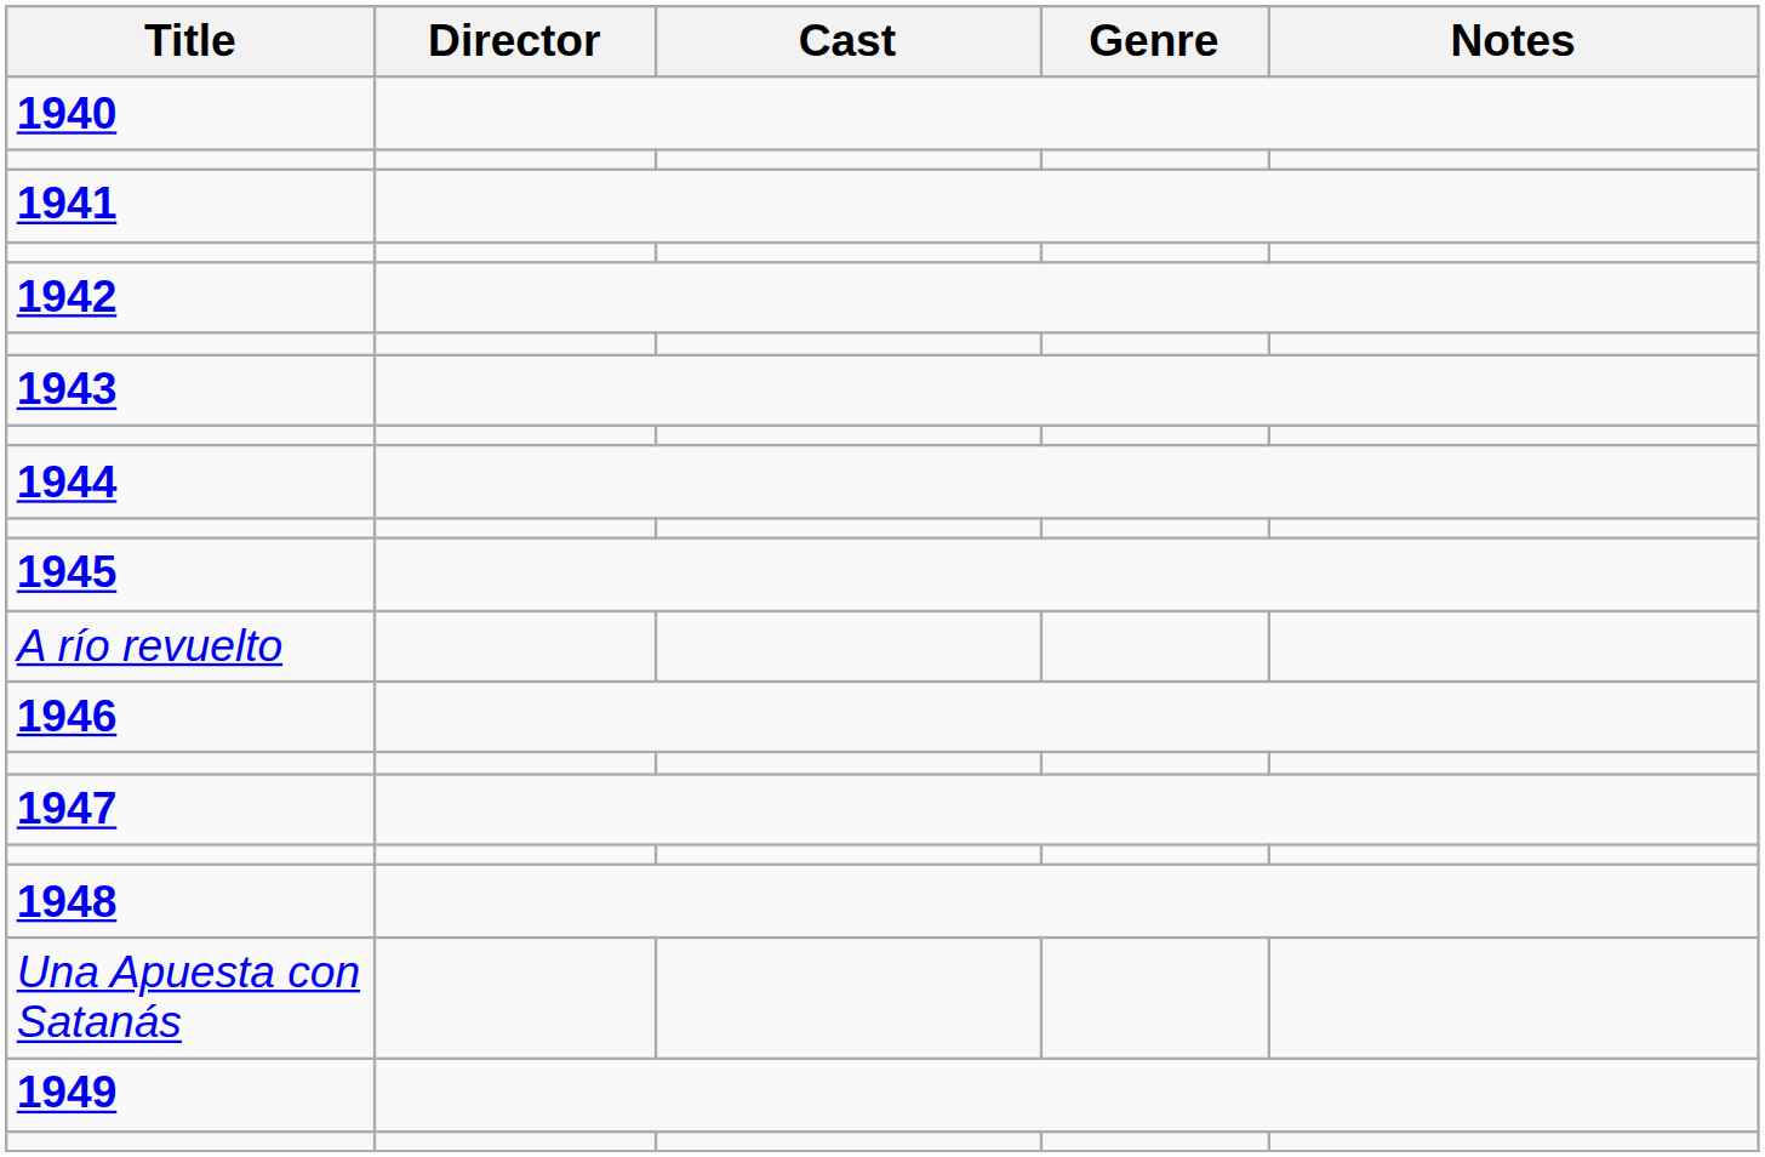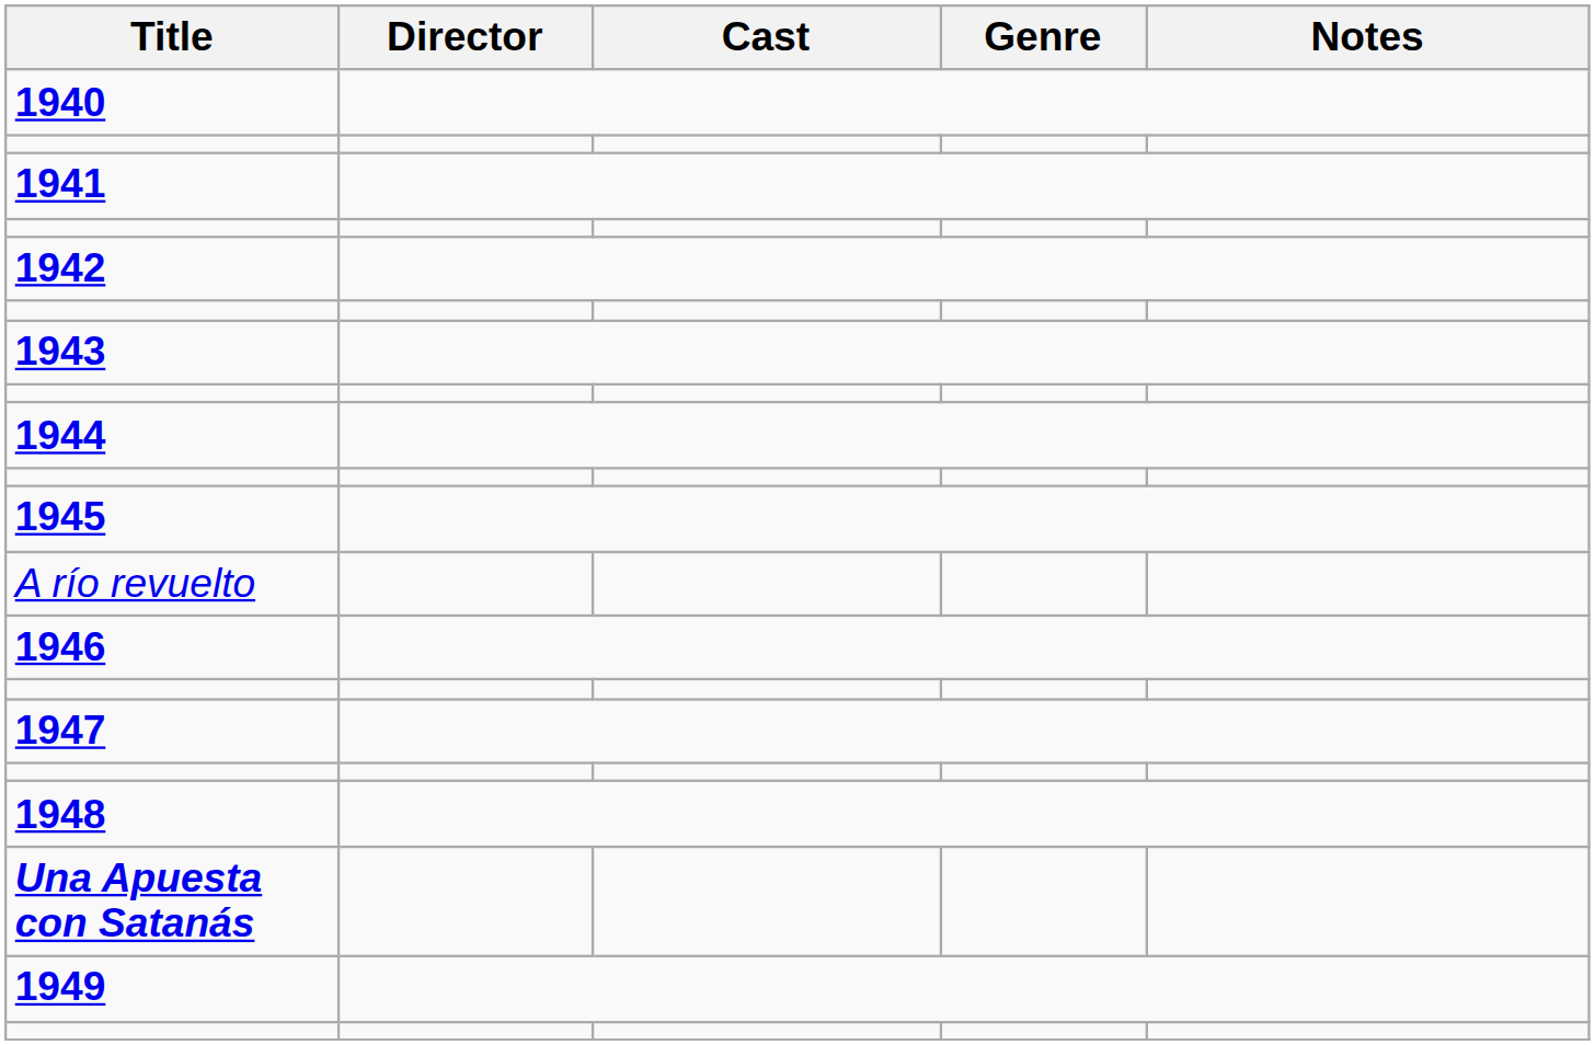 <table class="wikitable" width= "100%">
 <tr>
 <th width=21%>Title</th>
 <th width=16%>Director</th>
 <th width=22%>Cast</th>
 <th width=13%>Genre</th>
 <th width=28%>Notes</th>
 </tr>
 <tr>
 <td><strong><a href='#'>1940</a></strong></td>
 </tr>
 <tr>
 <td></td>
 <td></td>
 <td></td>
 <td></td>
 <td></td>
 </tr>
 <tr>
 <td><strong><a href='#'>1941</a></strong></td>
 </tr>
 <tr>
 <td></td>
 <td></td>
 <td></td>
 <td></td>
 <td></td>
 </tr>
 <tr>
 <td><strong><a href='#'>1942</a></strong></td>
 </tr>
 <tr>
 <td></td>
 <td></td>
 <td></td>
 <td></td>
 <td></td>
 </tr>
 <tr>
 <td><strong><a href='#'>1943</a></strong></td>
 </tr>
 <tr>
 <td></td>
 <td></td>
 <td></td>
 <td></td>
 <td></td>
 </tr>
 <tr>
 <td><strong><a href='#'>1944</a></strong></td>
 </tr>
 <tr>
 <td></td>
 <td></td>
 <td></td>
 <td></td>
 <td></td>
 </tr>
 <tr>
 <td><strong><a href='#'>1945</a></strong></td>
 </tr>
 <tr>
 <td><em><a href='#'>A río revuelto</a> </em></td>
 <td></td>
 <td></td>
 <td></td>
 <td></td>
 </tr>
 <tr>
 <td><strong><a href='#'>1946</a></strong></td>
 </tr>
 <tr>
 <td></td>
 <td></td>
 <td></td>
 <td></td>
 <td></td>
 </tr>
 <tr>
 <td><strong><a href='#'>1947</a></strong></td>
 </tr>
 <tr>
 <td></td>
 <td></td>
 <td></td>
 <td></td>
 <td></td>
 </tr>
 <tr>
 <td><strong><a href='#'>1948</a></strong></td>
 </tr>
 <tr>
-<td><em><a href='#'>Una Apuesta con Satanás</a></em></td>
+<td><strong><em><a href='#'>Una Apuesta con Satanás</a></em></strong></td>
 <td></td>
 <td></td>
 <td></td>
 <td></td>
 </tr>
 <tr>
 <td><strong><a href='#'>1949</a></strong></td>
 </tr>
 <tr>
 <td></td>
 <td></td>
 <td></td>
 <td></td>
 <td></td>
 </tr>
 <tr>
 </tr>
 </table>
